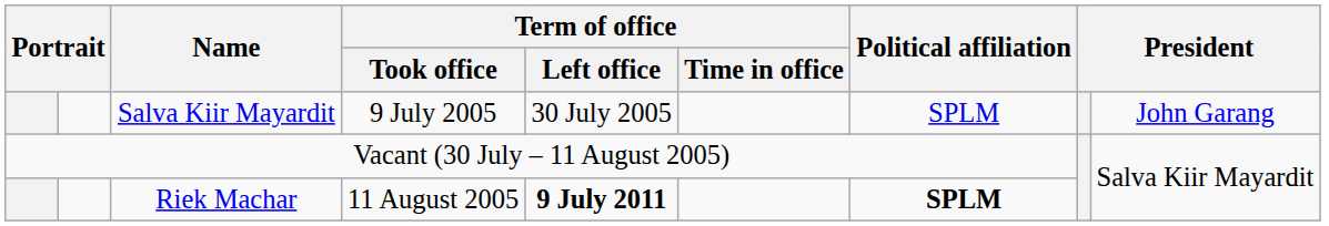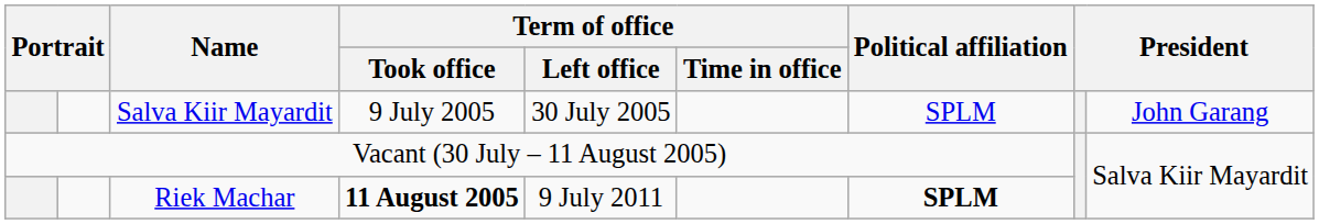 <table class="wikitable" style="text-align:center;">
 <tr>
 <th rowspan=2 colspan=2>Portrait</th>
 <th rowspan=2>Name</th>
 <th colspan=3>Term of office</th>
 <th rowspan=2>Political affiliation</th>
 <th rowspan=2 colspan=2>President</th>
 </tr>
 <tr>
 <th>Took office</th>
 <th>Left office</th>
 <th>Time in office</th>
 </tr>
 <tr>
 <th style="background:"></th>
 <td></td>
 <td><a href='#'>Salva Kiir Mayardit</a></td>
 <td>9 July 2005</td>
 <td>30 July 2005</td>
 <td></td>
 <td><a href='#'>SPLM</a></td>
 <th style="background:"></th>
 <td><a href='#'>John Garang</a></td>
 </tr>
 <tr>
 <td colspan=7>Vacant (30 July – 11 August 2005)</td>
 <th rowspan=2 style="background:"></th>
 <td rowspan=2>Salva Kiir Mayardit</td>
 </tr>
 <tr>
 <th style="background:"></th>
 <td></td>
 <td><a href='#'>Riek Machar</a></td>
-<td>11 August 2005</td>
-<td><strong>9 July 2011</strong></td>
+<td><strong>11 August 2005</strong></td>
+<td>9 July 2011</td>
 <td></td>
 <td><strong>SPLM</strong></td>
 </tr>
 </table>
